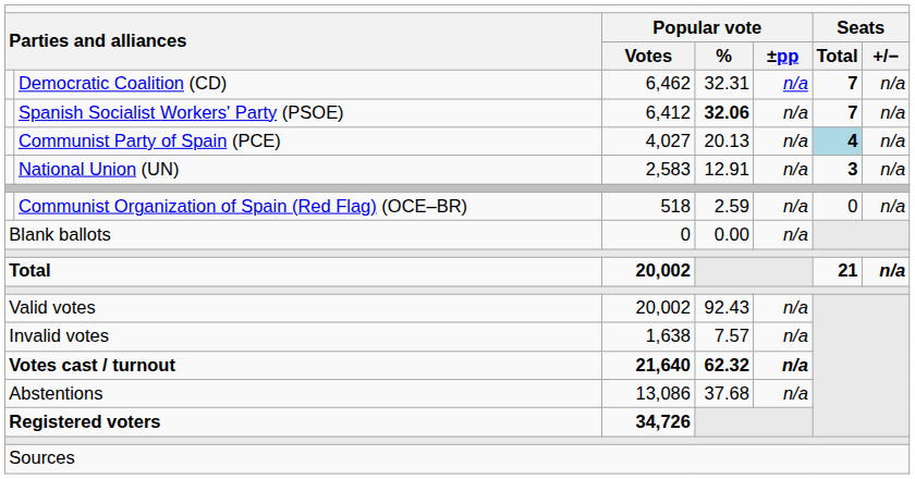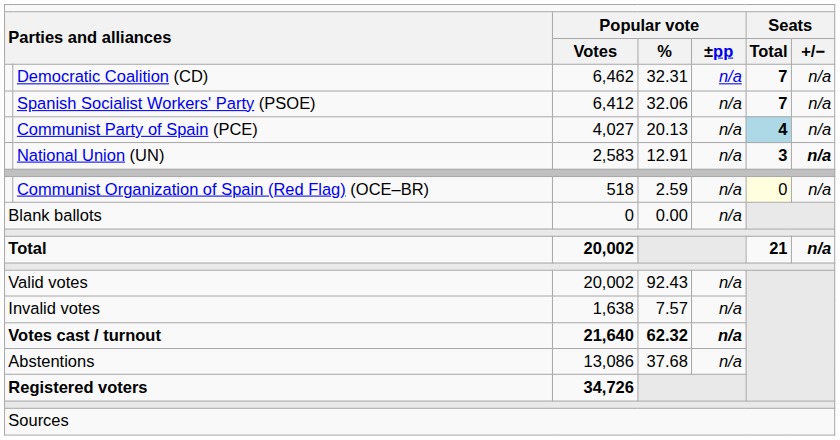 <table class="wikitable" style="text-align:right;">
 <tr>
 <td colspan="7"></td>
 </tr>
 <tr>
 <th style="text-align:left;" rowspan="2" colspan="2" width="525">Parties and alliances</th>
 <th colspan="3">Popular vote</th>
 <th colspan="2">Seats</th>
 </tr>
 <tr>
 <th width="75">Votes</th>
 <th width="45">%</th>
 <th width="45">±<a href='#'>pp</a></th>
 <th width="35">Total</th>
 <th width="35">+/−</th>
 </tr>
 <tr>
 <td width="1" style="color:inherit;background:"></td>
 <td align="left"><a href='#'>Democratic Coalition</a> (CD)</td>
 <td>6,462</td>
 <td>32.31</td>
 <td><em><a href='#'>n/a</a></em></td>
 <td><strong>7</strong></td>
 <td><em>n/a</em></td>
 </tr>
 <tr>
 <td style="color:inherit;background:"></td>
 <td align="left"><a href='#'>Spanish Socialist Workers' Party</a> (PSOE)</td>
 <td>6,412</td>
-<td><strong>32.06</strong></td>
+<td>32.06</td>
 <td><em>n/a</em></td>
 <td><strong>7</strong></td>
 <td><em>n/a</em></td>
 </tr>
 <tr>
 <td style="color:inherit;background:"></td>
 <td align="left"><a href='#'>Communist Party of Spain</a> (PCE)</td>
 <td>4,027</td>
 <td>20.13</td>
 <td><em>n/a</em></td>
 <td style="background: lightblue;"><strong>4</strong></td>
 <td><em>n/a</em></td>
 </tr>
 <tr>
 <td style="color:inherit;background:"></td>
 <td align="left"><a href='#'>National Union</a> (UN)</td>
 <td>2,583</td>
 <td>12.91</td>
 <td><em>n/a</em></td>
 <td><strong>3</strong></td>
-<td><em>n/a</em></td>
+<td><strong><em>n/a</em></strong></td>
 </tr>
 <tr>
 <td colspan="7" bgcolor="#C0C0C0"></td>
 </tr>
 <tr>
 <td style="color:inherit;background:"></td>
 <td align="left"><a href='#'>Communist Organization of Spain (Red Flag)</a> (OCE–BR)</td>
 <td>518</td>
 <td>2.59</td>
 <td><em>n/a</em></td>
-<td>0</td>
+<td style="background: lightyellow;">0</td>
 <td><em>n/a</em></td>
 </tr>
 <tr>
 <td align="left" colspan="2">Blank ballots</td>
 <td>0</td>
 <td>0.00</td>
 <td><em>n/a</em></td>
 <td bgcolor="#E9E9E9" colspan="2"></td>
 </tr>
 <tr>
 <td colspan="7" bgcolor="#E9E9E9"></td>
 </tr>
 <tr style="font-weight:bold;">
 <td align="left" colspan="2">Total</td>
 <td>20,002</td>
 <td bgcolor="#E9E9E9" colspan="2"></td>
 <td>21</td>
 <td><em>n/a</em></td>
 </tr>
 <tr>
 <td colspan="7" bgcolor="#E9E9E9"></td>
 </tr>
 <tr>
 <td align="left" colspan="2">Valid votes</td>
 <td>20,002</td>
 <td>92.43</td>
 <td><em>n/a</em></td>
 <td bgcolor="#E9E9E9" colspan="2" rowspan="5"></td>
 </tr>
 <tr>
 <td align="left" colspan="2">Invalid votes</td>
 <td>1,638</td>
 <td>7.57</td>
 <td><em>n/a</em></td>
 </tr>
 <tr style="font-weight:bold;">
 <td align="left" colspan="2">Votes cast / turnout</td>
 <td>21,640</td>
 <td>62.32</td>
 <td><em>n/a</em></td>
 </tr>
 <tr>
 <td align="left" colspan="2">Abstentions</td>
 <td>13,086</td>
 <td>37.68</td>
 <td><em>n/a</em></td>
 </tr>
 <tr style="font-weight:bold;">
 <td align="left" colspan="2">Registered voters</td>
 <td>34,726</td>
 <td bgcolor="#E9E9E9" colspan="2"></td>
 </tr>
 <tr>
 <td colspan="7" bgcolor="#E9E9E9"></td>
 </tr>
 <tr>
 <td align="left" colspan="7">Sources</td>
 </tr>
 </table>
